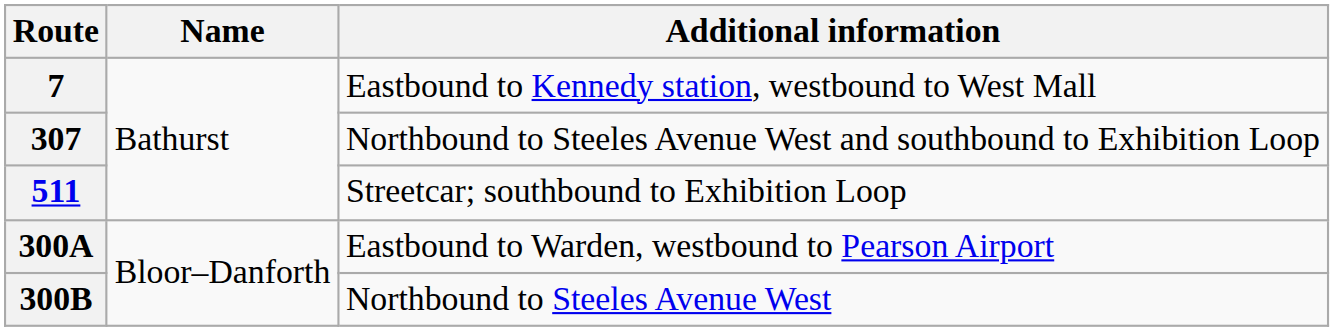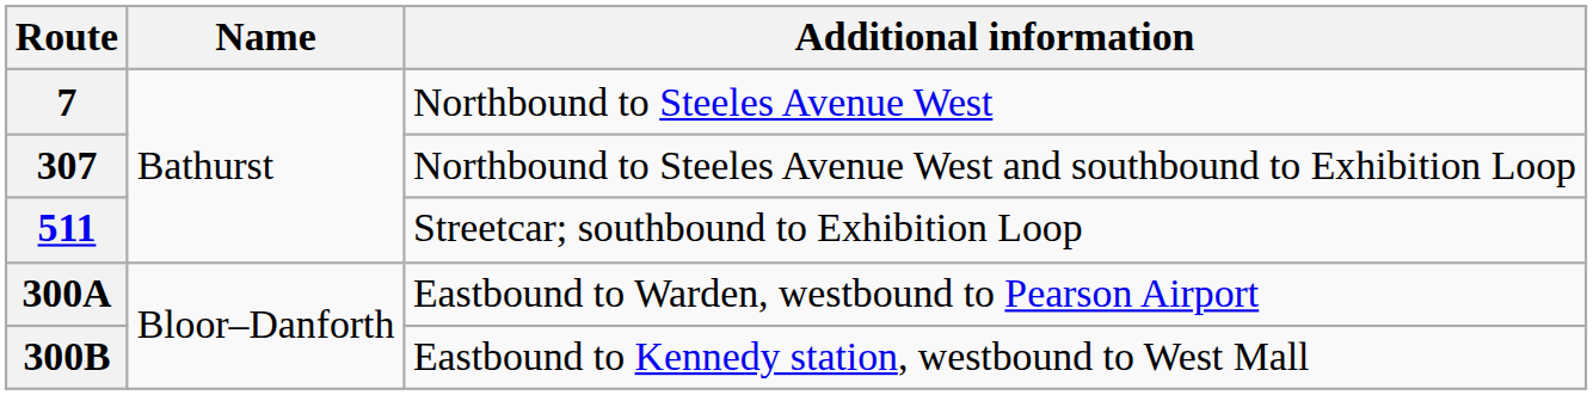 <table class="wikitable">
 <tr>
 <th>Route</th>
 <th>Name</th>
 <th>Additional information</th>
 </tr>
 <tr>
 <th>7</th>
 <td rowspan="3">Bathurst</td>
-<td>Eastbound to <a href='#'>Kennedy station</a>, westbound to West Mall<br></td>
+<td>Northbound to <a href='#'>Steeles Avenue West</a></td>
 </tr>
 <tr>
 <th>307</th>
 <td>Northbound to Steeles Avenue West and southbound to Exhibition Loop</td>
 </tr>
 <tr>
 <th><a href='#'>511</a></th>
 <td>Streetcar; southbound to Exhibition Loop</td>
 </tr>
 <tr>
 <th>300A</th>
 <td rowspan="2">Bloor–Danforth</td>
 <td>Eastbound to Warden, westbound to <a href='#'>Pearson Airport</a><br></td>
 </tr>
 <tr>
 <th>300B</th>
-<td>Northbound to <a href='#'>Steeles Avenue West</a></td>
+<td>Eastbound to <a href='#'>Kennedy station</a>, westbound to West Mall<br></td>
 </tr>
 </table>
